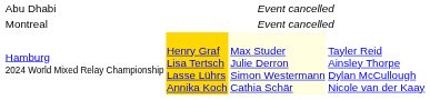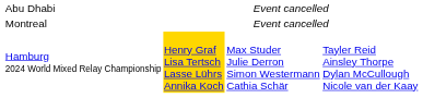 <table>
 <tr>
 <td>Abu Dhabi</td>
 <td colspan="3" align="center"><em>Event cancelled</em></td>
 </tr>
 <tr>
 <td>Montreal</td>
 <td colspan="3" align="center"><em>Event cancelled</em></td>
 </tr>
 <tr>
 <td align=left><a href='#'>Hamburg</a><br><small>2024 World Mixed Relay Championship</small></td>
 <td style="background: gold;"><br><a href='#'>Henry Graf</a><br><a href='#'>Lisa Tertsch</a><br><a href='#'>Lasse Lührs</a><br><a href='#'>Annika Koch</a></td>
-<td style="background: lightyellow;"><br><a href='#'>Max Studer</a><br><a href='#'>Julie Derron</a><br><a href='#'>Simon Westermann</a><br><a href='#'>Cathia Schär</a></td>
+<td><br><a href='#'>Max Studer</a><br><a href='#'>Julie Derron</a><br><a href='#'>Simon Westermann</a><br><a href='#'>Cathia Schär</a></td>
 <td><br><a href='#'>Tayler Reid</a><br><a href='#'>Ainsley Thorpe</a> <br><a href='#'>Dylan McCullough</a><br><a href='#'>Nicole van der Kaay</a></td>
 </tr>
 </table>
